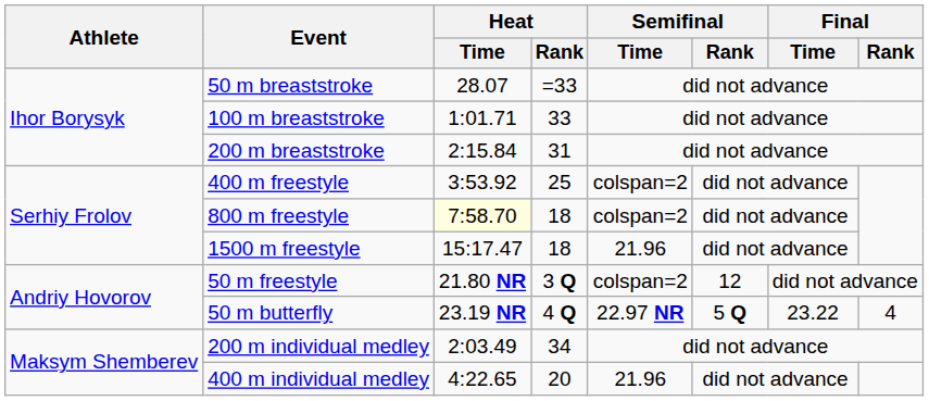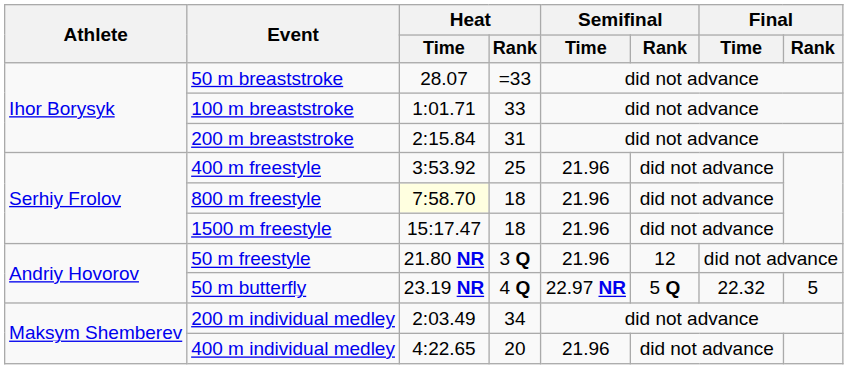 <table class=wikitable style="font-size:90%">
 <tr>
 <th rowspan="2">Athlete</th>
 <th rowspan="2">Event</th>
 <th colspan="2">Heat</th>
 <th colspan="2">Semifinal</th>
 <th colspan="2">Final</th>
 </tr>
 <tr style="font-size:95%">
 <th>Time</th>
 <th>Rank</th>
 <th>Time</th>
 <th>Rank</th>
 <th>Time</th>
 <th>Rank</th>
 </tr>
 <tr align=center>
 <td align=left rowspan=3><a href='#'>Ihor Borysyk</a></td>
 <td align=left><a href='#'>50 m breaststroke</a></td>
 <td>28.07</td>
 <td>=33</td>
 <td colspan=4>did not advance</td>
 </tr>
 <tr align=center>
 <td align=left><a href='#'>100 m breaststroke</a></td>
 <td>1:01.71</td>
 <td>33</td>
 <td colspan=4>did not advance</td>
 </tr>
 <tr align=center>
 <td align=left><a href='#'>200 m breaststroke</a></td>
 <td>2:15.84</td>
 <td>31</td>
 <td colspan=4>did not advance</td>
 </tr>
 <tr align=center>
 <td align=left rowspan=3><a href='#'>Serhiy Frolov</a></td>
 <td align=left><a href='#'>400 m freestyle</a></td>
 <td>3:53.92</td>
 <td>25</td>
-<td>colspan=2 </td>
+<td>21.96</td>
 <td colspan=2>did not advance</td>
 </tr>
 <tr align=center>
 <td align=left><a href='#'>800 m freestyle</a></td>
 <td style="background: lightyellow;">7:58.70</td>
 <td>18</td>
-<td>colspan=2 </td>
+<td>21.96</td>
 <td colspan=2>did not advance</td>
 </tr>
 <tr align=center>
 <td align=left><a href='#'>1500 m freestyle</a></td>
 <td>15:17.47</td>
 <td>18</td>
 <td>21.96</td>
 <td colspan=2>did not advance</td>
 </tr>
 <tr align=center>
 <td align=left rowspan=2><a href='#'>Andriy Hovorov</a></td>
 <td align=left><a href='#'>50 m freestyle</a></td>
 <td>21.80 <strong><a href='#'>NR</a></strong></td>
 <td>3 <strong>Q</strong></td>
-<td>colspan=2 </td>
+<td>21.96</td>
 <td>12</td>
 <td colspan=2>did not advance</td>
 </tr>
 <tr align=center>
 <td align=left><a href='#'>50 m butterfly</a></td>
 <td>23.19 <strong><a href='#'>NR</a></strong></td>
 <td>4 <strong>Q</strong></td>
 <td>22.97 <strong><a href='#'>NR</a></strong></td>
 <td>5 <strong>Q</strong></td>
-<td>23.22</td>
-<td>4</td>
+<td>22.32</td>
+<td>5</td>
 </tr>
 <tr align=center>
 <td align=left rowspan=2><a href='#'>Maksym Shemberev</a></td>
 <td align=left><a href='#'>200 m individual medley</a></td>
 <td>2:03.49</td>
 <td>34</td>
 <td colspan=4>did not advance</td>
 </tr>
 <tr align=center>
 <td align=left><a href='#'>400 m individual medley</a></td>
 <td>4:22.65</td>
 <td>20</td>
 <td>21.96</td>
 <td colspan=2>did not advance</td>
 </tr>
 </table>
